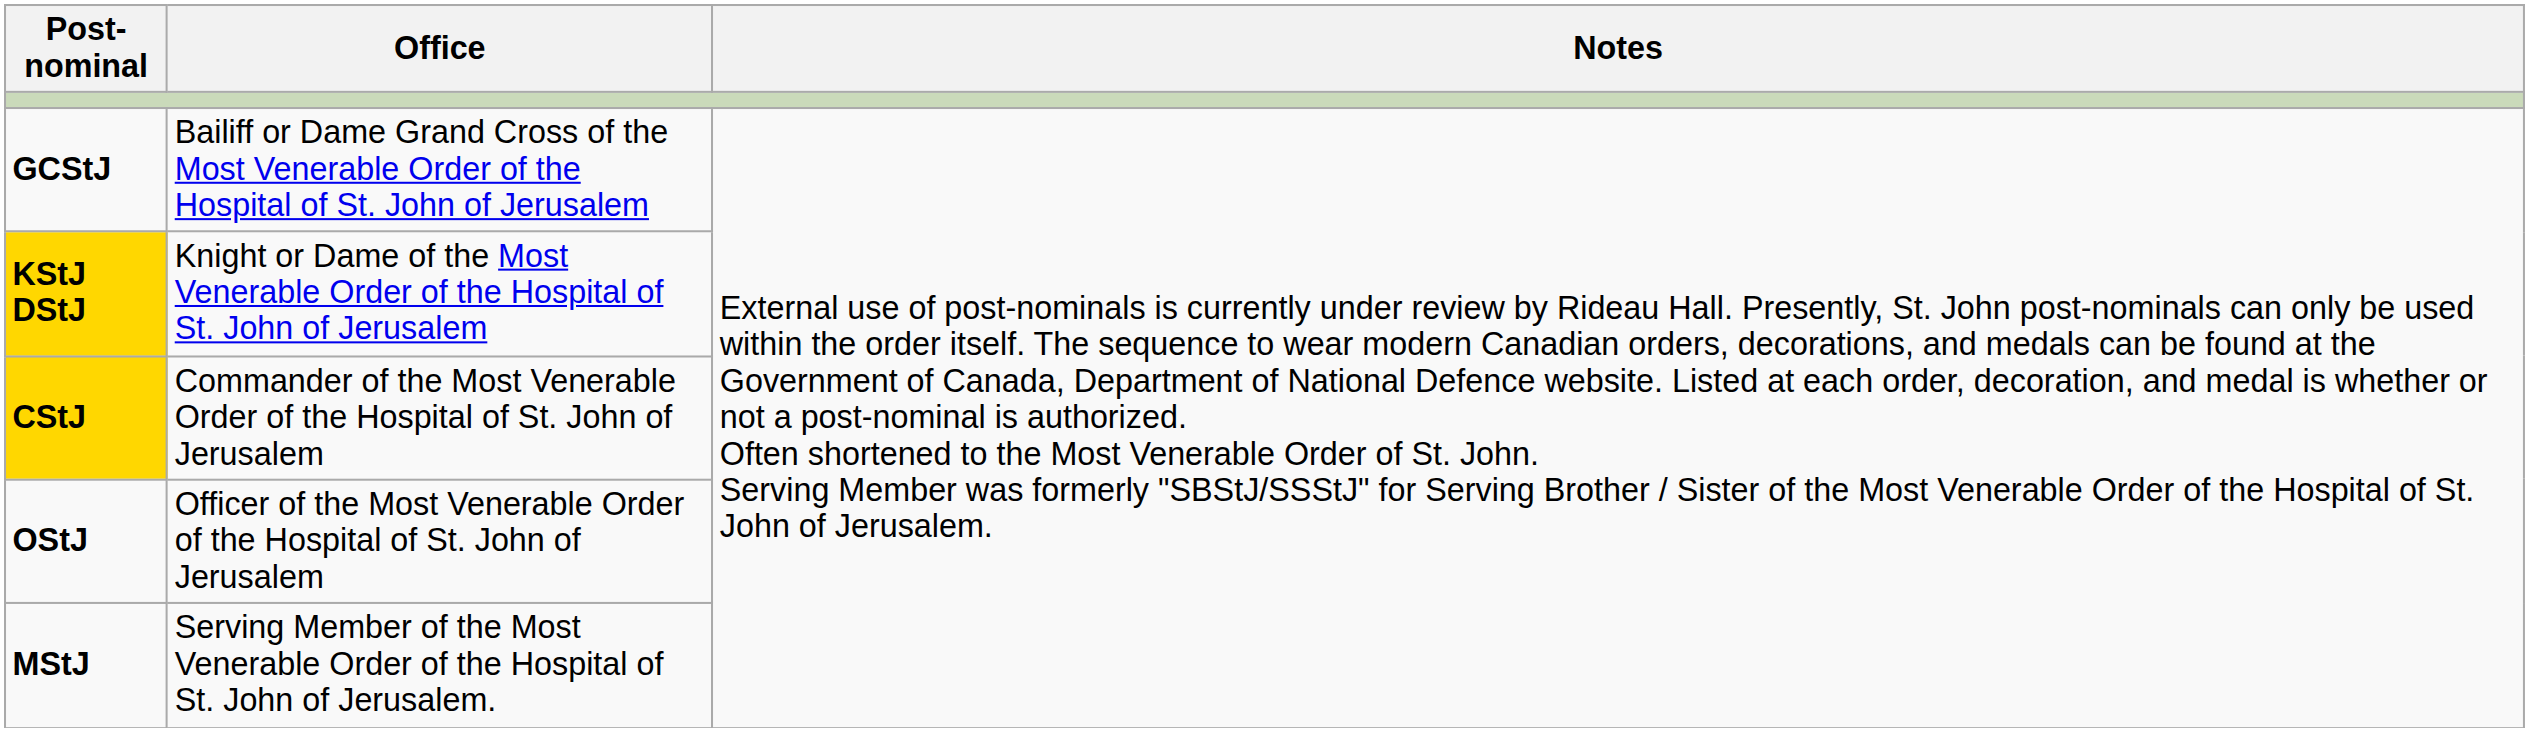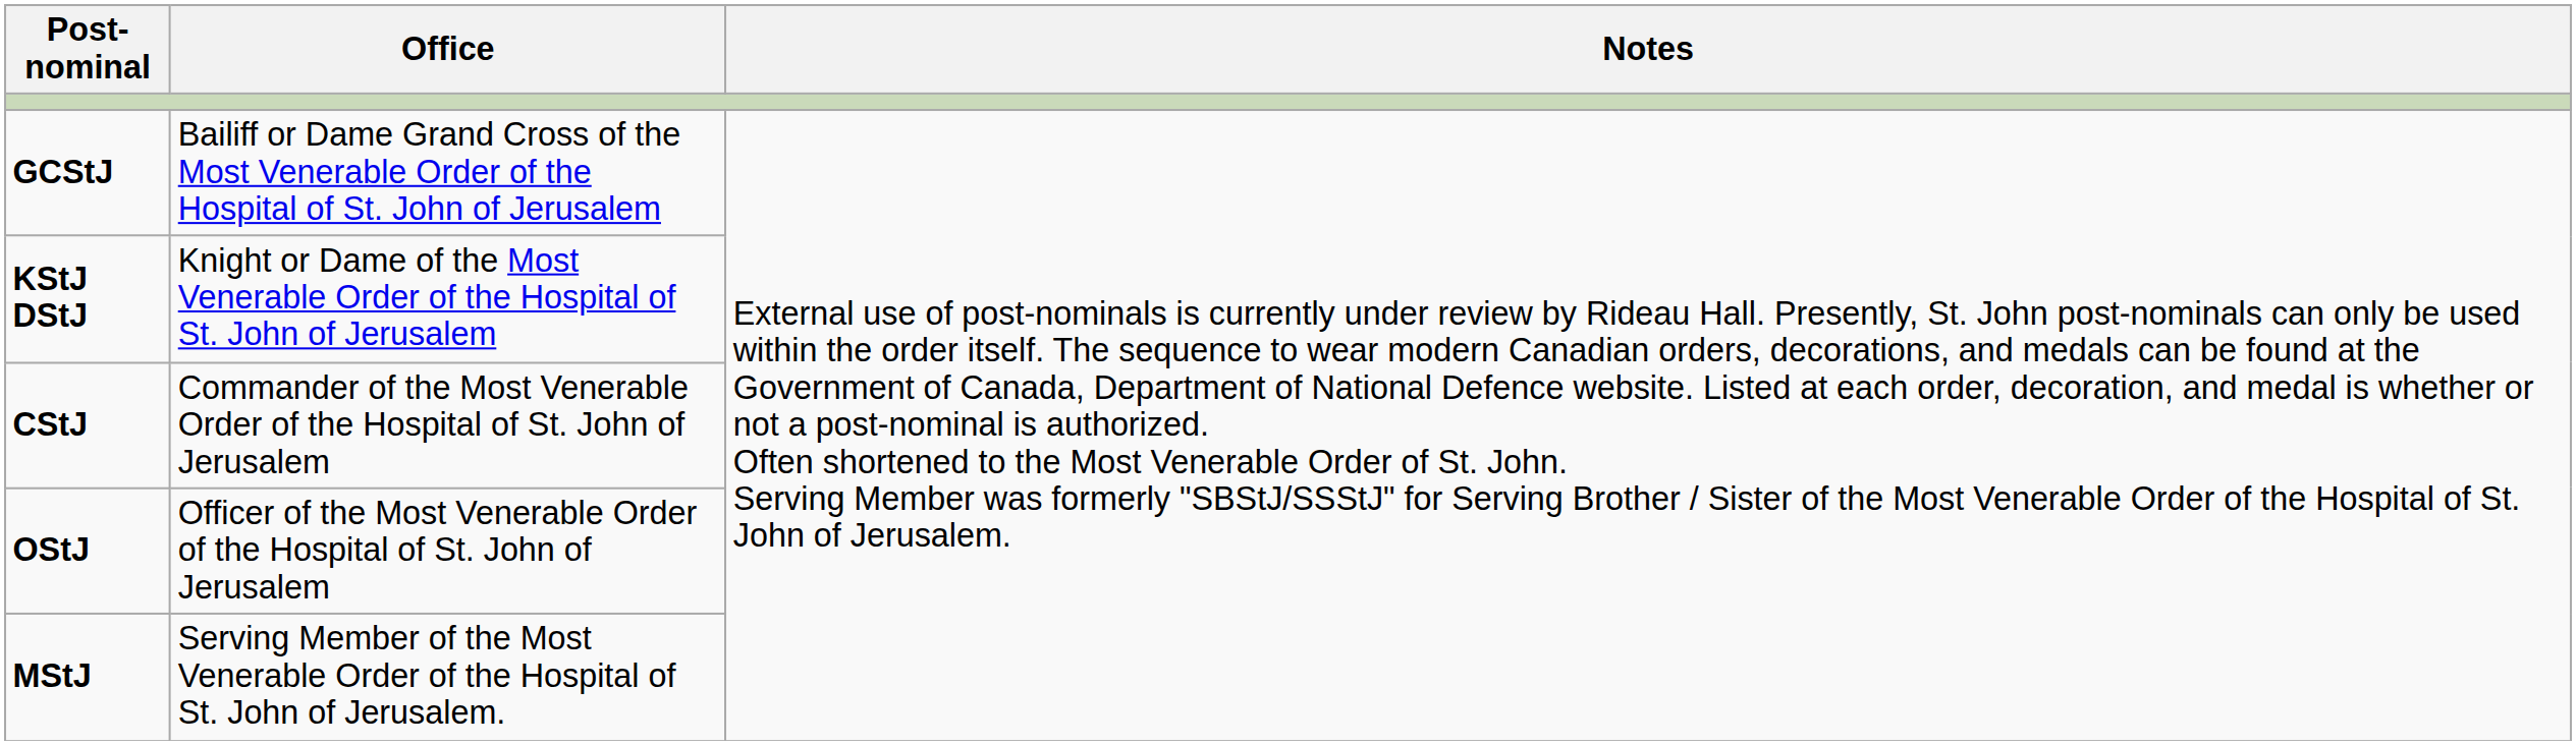 <table class="wikitable">
 <tr>
 <th>Post-nominal</th>
 <th>Office</th>
 <th>Notes</th>
 </tr>
 <tr>
 <td colspan="3" bgcolor="#CADABA"></td>
 </tr>
 <tr>
 <td><strong>GCStJ</strong></td>
 <td>Bailiff or Dame Grand Cross of the <a href='#'>Most Venerable Order of the Hospital of St. John of Jerusalem</a></td>
 <td rowspan="5">External use of post-nominals is currently under review by Rideau Hall. Presently, St. John post-nominals can only be used within the order itself. The sequence to wear modern Canadian orders, decorations, and medals can be found at the Government of Canada, Department of National Defence website. Listed at each order, decoration, and medal is whether or not a post-nominal is authorized.<br>Often shortened to the Most Venerable Order of St. John.<br>Serving Member was formerly "SBStJ/SSStJ" for Serving Brother / Sister of the Most Venerable Order of the Hospital of St. John of Jerusalem.</td>
 </tr>
 <tr>
-<td style="background: gold;"><strong>KStJ</strong><br><strong>DStJ</strong></td>
+<td><strong>KStJ</strong><br><strong>DStJ</strong></td>
 <td>Knight or Dame of the <a href='#'>Most Venerable Order of the Hospital of St. John of Jerusalem</a></td>
 </tr>
 <tr>
-<td style="background: gold;"><strong>CStJ</strong></td>
+<td><strong>CStJ</strong></td>
 <td>Commander of the Most Venerable Order of the Hospital of St. John of Jerusalem</td>
 </tr>
 <tr>
 <td><strong>OStJ</strong></td>
 <td>Officer of the Most Venerable Order of the Hospital of St. John of Jerusalem</td>
 </tr>
 <tr>
 <td><strong>MStJ</strong></td>
 <td>Serving Member of the Most Venerable Order of the Hospital of St. John of Jerusalem.</td>
 </tr>
 </table>
